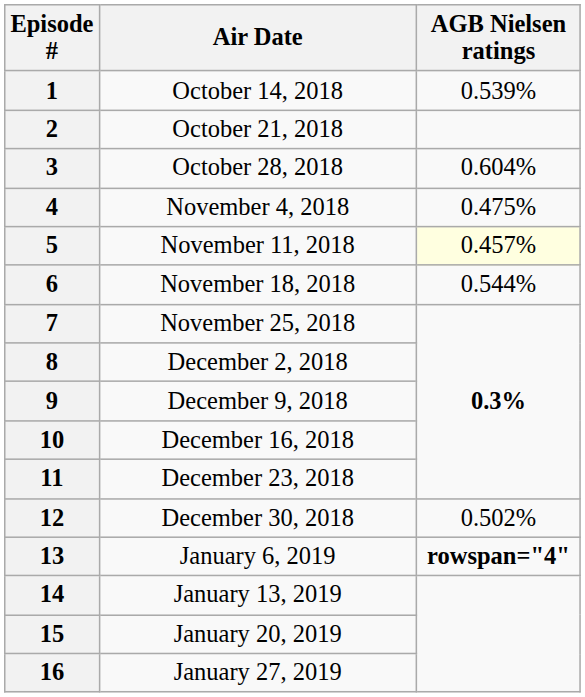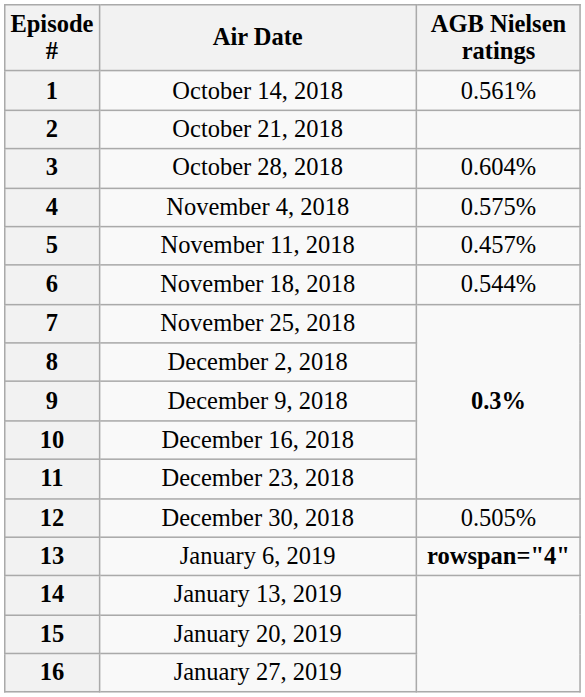 <table class="wikitable" style="text-align:center">
 <tr>
 <th width="50">Episode #</th>
 <th width="200">Air Date</th>
 <th width="100">AGB Nielsen ratings</th>
 </tr>
 <tr>
 <th>1</th>
 <td>October 14, 2018</td>
-<td>0.539%</td>
+<td>0.561%</td>
 </tr>
 <tr>
 <th>2</th>
 <td>October 21, 2018</td>
 <td></td>
 </tr>
 <tr>
 <th>3</th>
 <td>October 28, 2018</td>
 <td>0.604%</td>
 </tr>
 <tr>
 <th>4</th>
 <td>November 4, 2018</td>
-<td>0.475%</td>
+<td>0.575%</td>
 </tr>
 <tr>
 <th>5</th>
 <td>November 11, 2018</td>
-<td style="background: lightyellow;">0.457%</td>
+<td>0.457%</td>
 </tr>
 <tr>
 <th>6</th>
 <td>November 18, 2018</td>
 <td>0.544%</td>
 </tr>
 <tr>
 <th>7</th>
 <td>November 25, 2018</td>
 <td rowspan="5"><span><strong>0.3%</strong></span></td>
 </tr>
 <tr>
 <th>8</th>
 <td>December 2, 2018</td>
 </tr>
 <tr>
 <th>9</th>
 <td>December 9, 2018</td>
 </tr>
 <tr>
 <th>10</th>
 <td>December 16, 2018</td>
 </tr>
 <tr>
 <th>11</th>
 <td>December 23, 2018</td>
 </tr>
 <tr>
 <th>12</th>
 <td>December 30, 2018</td>
-<td>0.502%</td>
+<td>0.505%</td>
 </tr>
 <tr>
 <th>13</th>
 <td>January 6, 2019</td>
 <td><strong>rowspan="4" </strong></td>
 </tr>
 <tr>
 <th>14</th>
 <td>January 13, 2019</td>
 </tr>
 <tr>
 <th>15</th>
 <td>January 20, 2019</td>
 </tr>
 <tr>
 <th>16</th>
 <td>January 27, 2019</td>
 </tr>
 </table>
